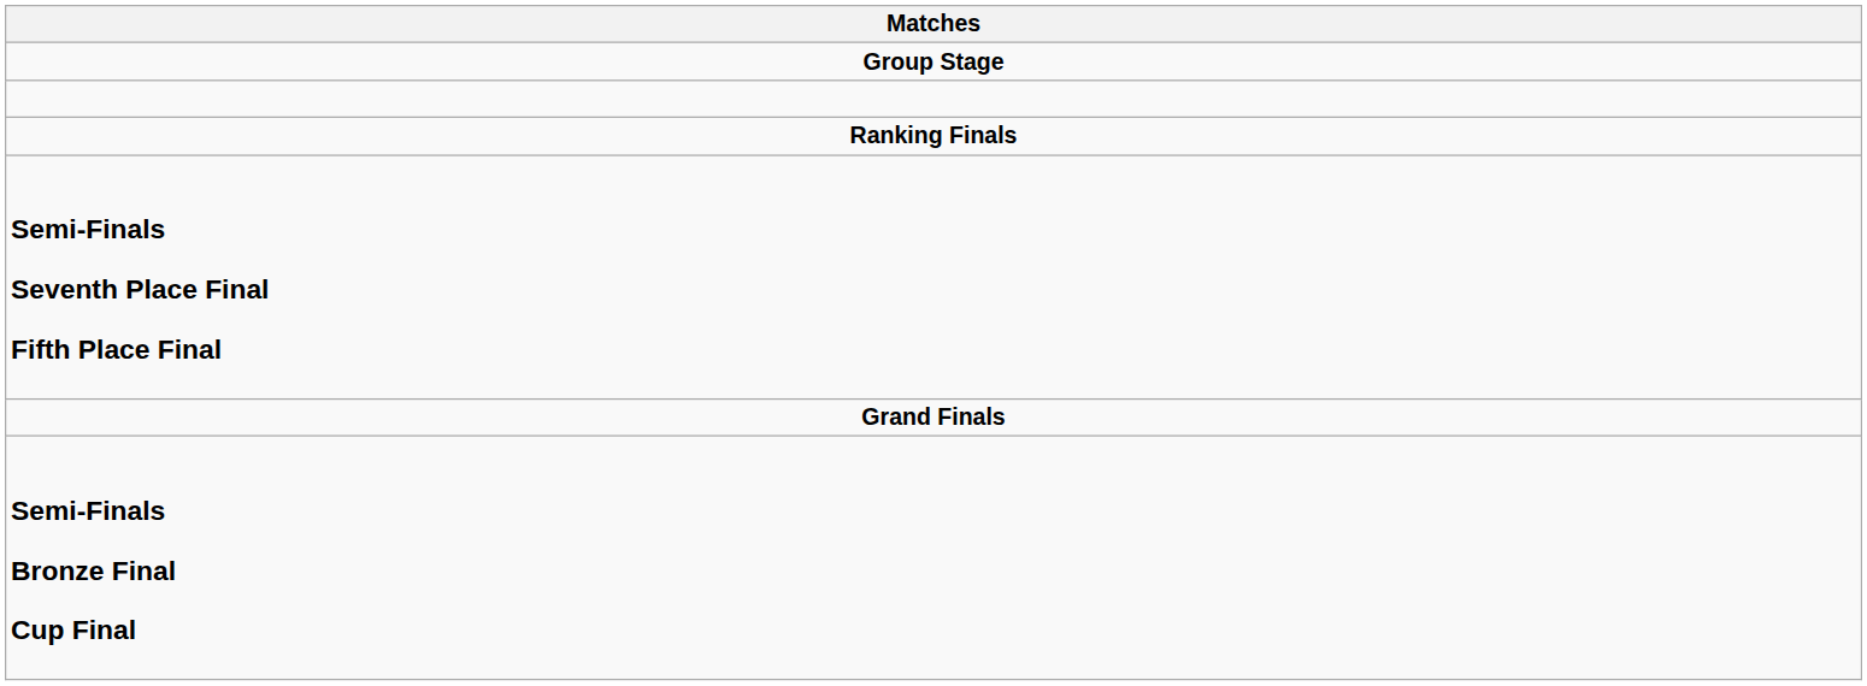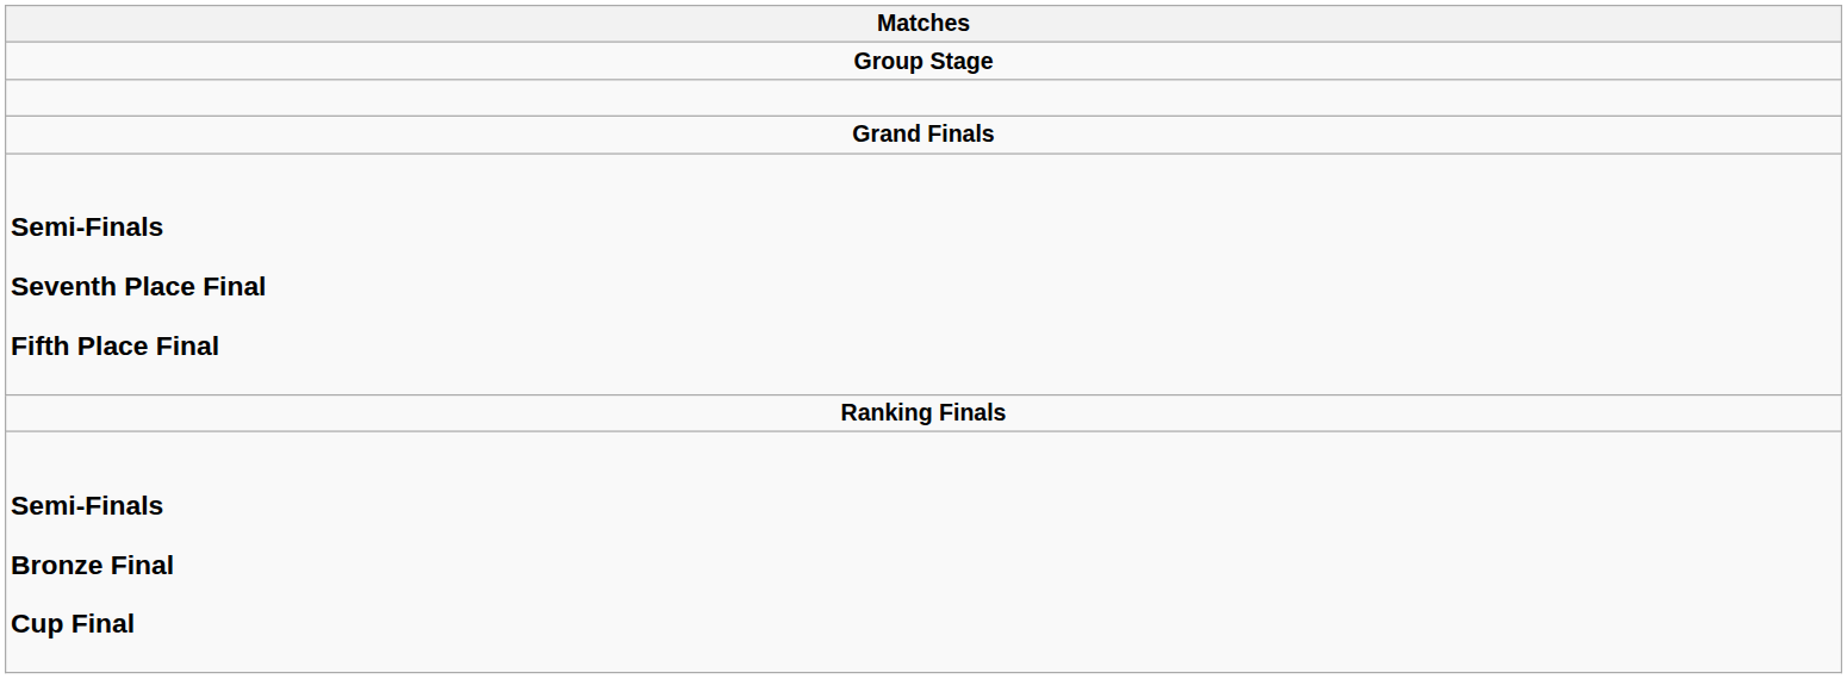 <table class="wikitable collapsible collapsed" style="width:100%">
 <tr>
 <th>Matches</th>
 </tr>
 <tr>
 <td style="text-align:center"><strong>Group Stage</strong></td>
 </tr>
 <tr>
 <td><br>         </td>
 </tr>
 <tr>
-<td style="text-align:center"><strong>Ranking Finals</strong></td>
+<td style="text-align:center"><strong>Grand Finals</strong></td>
 </tr>
 <tr>
 <td><br><h3>Semi-Finals</h3> <h3>Seventh Place Final</h3><h3>Fifth Place Final</h3></td>
 </tr>
 <tr>
-<td style="text-align:center"><strong>Grand Finals</strong></td>
+<td style="text-align:center"><strong>Ranking Finals</strong></td>
 </tr>
 <tr>
 <td><br><h3>Semi-Finals</h3> <h3>Bronze Final</h3><h3>Cup Final</h3></td>
 </tr>
 </table>
